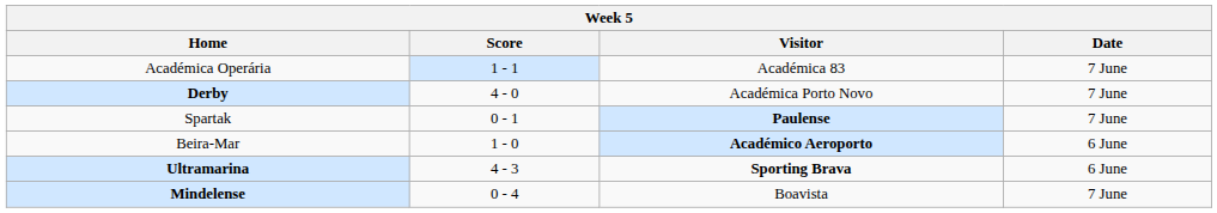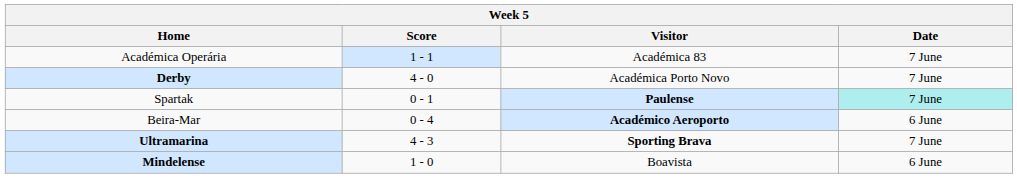 <table class="wikitable" style="margin:1em auto; font-size:95%; text-align: center; width: 95%;">
 <tr>
 <th colspan="12" style="with: 100%;">Week 5</th>
 </tr>
 <tr>
 <th width="200">Home</th>
 <th width="90">Score</th>
 <th width="200">Visitor</th>
 <th width="100">Date</th>
 </tr>
 <tr>
 <td>Académica Operária</td>
 <td bgcolor=#D0E7FF>1 - 1</td>
 <td>Académica 83</td>
 <td>7 June</td>
 </tr>
 <tr>
 <td bgcolor=#D0E7FF><strong>Derby</strong></td>
 <td>4 - 0</td>
 <td>Académica Porto Novo</td>
 <td>7 June</td>
 </tr>
 <tr>
 <td>Spartak</td>
 <td>0 - 1</td>
 <td bgcolor=#D0E7FF><strong>Paulense</strong></td>
-<td>7 June</td>
+<td style="background: paleturquoise;">7 June</td>
 </tr>
 <tr>
 <td>Beira-Mar</td>
-<td>1 - 0</td>
+<td>0 - 4</td>
 <td bgcolor=#D0E7FF><strong>Académico Aeroporto</strong></td>
 <td>6 June</td>
 </tr>
 <tr>
 <td bgcolor=#D0E7FF><strong>Ultramarina</strong></td>
 <td>4 - 3</td>
 <td><strong>Sporting Brava</strong></td>
-<td>6 June</td>
+<td>7 June</td>
 </tr>
 <tr>
 <td bgcolor=#D0E7FF><strong>Mindelense</strong></td>
-<td>0 - 4</td>
+<td>1 - 0</td>
 <td>Boavista</td>
-<td>7 June</td>
+<td>6 June</td>
 </tr>
 </table>
